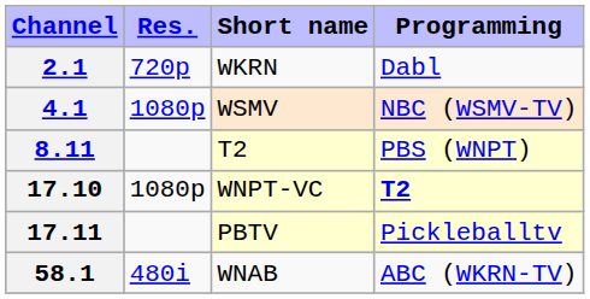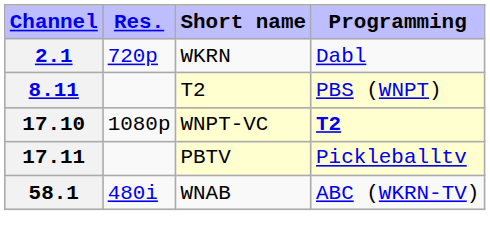 <table class="wikitable">
 <tr>
 <th style="background-color: #bdbdff" scope = "col"><a href='#'>Channel</a></th>
 <th style="background-color: #bdbdff" scope = "col"><a href='#'>Res.</a></th>
 <th style="background-color: #bdbdff" scope = "col">Short name</th>
 <th style="background-color: #bdbdff" scope = "col">Programming</th>
 </tr>
 <tr>
 <th scope = "row"><a href='#'>2.1</a></th>
 <td><a href='#'>720p</a></td>
 <td>WKRN</td>
 <td><a href='#'>Dabl</a></td>
-</tr>
-<tr>
-<th scope = "row"><a href='#'>4.1</a></th>
-<td><a href='#'>1080p</a></td>
-<td style="background-color:#ffe8d0">WSMV</td>
-<td style="background-color:#ffe8d0"><a href='#'>NBC</a> (<a href='#'>WSMV-TV</a>) </td>
 </tr>
 <tr>
 <th scope = "row"><a href='#'>8.11</a></th>
 <td></td>
 <td style="background-color:#ffffd0">T2</td>
 <td style="background-color:#ffffd0"><a href='#'>PBS</a> (<a href='#'>WNPT</a>)</td>
 </tr>
 <tr>
 <th scope = "row">17.10</th>
 <td>1080p</td>
 <td style="background-color:#ffffd0">WNPT-VC</td>
 <td style="background-color:#ffffd0"><strong><a href='#'>T2</a></strong></td>
 </tr>
 <tr>
 <th scope = "row">17.11</th>
 <td></td>
 <td style="background-color:#ffffd0">PBTV</td>
 <td style="background-color:#ffffd0"><a href='#'>Pickleballtv</a></td>
 </tr>
 <tr>
 <th scope = "row">58.1</th>
 <td><a href='#'>480i</a></td>
 <td>WNAB</td>
 <td><a href='#'>ABC</a> (<a href='#'>WKRN-TV</a>)</td>
 </tr>
 </table>
